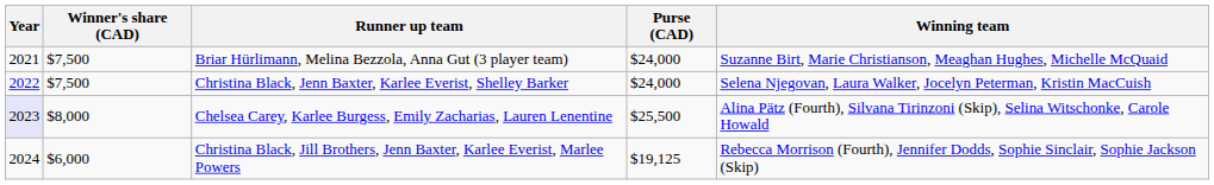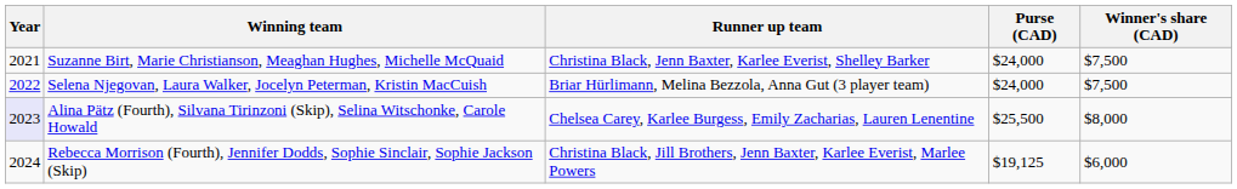 <table class="wikitable">
 <tr>
 <th scope="col">Year</th>
-<th scope="col">Winner's share (CAD)</th>
+<th scope="col">Winning team</th>
 <th scope="col">Runner up team</th>
 <th scope="col">Purse (CAD)</th>
-<th scope="col">Winning team</th>
+<th scope="col">Winner's share (CAD)</th>
 </tr>
 <tr>
 <td>2021</td>
+<td> <a href='#'>Suzanne Birt</a>, <a href='#'>Marie Christianson</a>, <a href='#'>Meaghan Hughes</a>, <a href='#'>Michelle McQuaid</a></td>
+<td> <a href='#'>Christina Black</a>, <a href='#'>Jenn Baxter</a>, <a href='#'>Karlee Everist</a>, <a href='#'>Shelley Barker</a></td>
+<td>$24,000</td>
 <td>$7,500</td>
-<td> <a href='#'>Briar Hürlimann</a>, Melina Bezzola, Anna Gut (3 player team)</td>
-<td>$24,000</td>
-<td> <a href='#'>Suzanne Birt</a>, <a href='#'>Marie Christianson</a>, <a href='#'>Meaghan Hughes</a>, <a href='#'>Michelle McQuaid</a></td>
 </tr>
 <tr>
 <td><a href='#'>2022</a></td>
+<td> <a href='#'>Selena Njegovan</a>, <a href='#'>Laura Walker</a>, <a href='#'>Jocelyn Peterman</a>, <a href='#'>Kristin MacCuish</a></td>
+<td> <a href='#'>Briar Hürlimann</a>, Melina Bezzola, Anna Gut (3 player team)</td>
+<td>$24,000</td>
 <td>$7,500</td>
-<td> <a href='#'>Christina Black</a>, <a href='#'>Jenn Baxter</a>, <a href='#'>Karlee Everist</a>, <a href='#'>Shelley Barker</a></td>
-<td>$24,000</td>
-<td> <a href='#'>Selena Njegovan</a>, <a href='#'>Laura Walker</a>, <a href='#'>Jocelyn Peterman</a>, <a href='#'>Kristin MacCuish</a></td>
 </tr>
 <tr>
 <td style="background: lavender;">2023</td>
-<td>$8,000</td>
+<td> <a href='#'>Alina Pätz</a> (Fourth), <a href='#'>Silvana Tirinzoni</a> (Skip), <a href='#'>Selina Witschonke</a>, <a href='#'>Carole Howald</a></td>
 <td> <a href='#'>Chelsea Carey</a>, <a href='#'>Karlee Burgess</a>, <a href='#'>Emily Zacharias</a>, <a href='#'>Lauren Lenentine</a></td>
 <td>$25,500</td>
-<td> <a href='#'>Alina Pätz</a> (Fourth), <a href='#'>Silvana Tirinzoni</a> (Skip), <a href='#'>Selina Witschonke</a>, <a href='#'>Carole Howald</a></td>
+<td>$8,000</td>
 </tr>
 <tr>
 <td>2024</td>
-<td>$6,000</td>
+<td> <a href='#'>Rebecca Morrison</a> (Fourth), <a href='#'>Jennifer Dodds</a>, <a href='#'>Sophie Sinclair</a>, <a href='#'>Sophie Jackson</a> (Skip)</td>
 <td> <a href='#'>Christina Black</a>, <a href='#'>Jill Brothers</a>, <a href='#'>Jenn Baxter</a>, <a href='#'>Karlee Everist</a>, <a href='#'>Marlee Powers</a></td>
 <td>$19,125</td>
-<td> <a href='#'>Rebecca Morrison</a> (Fourth), <a href='#'>Jennifer Dodds</a>, <a href='#'>Sophie Sinclair</a>, <a href='#'>Sophie Jackson</a> (Skip)</td>
+<td>$6,000</td>
 </tr>
 </table>
